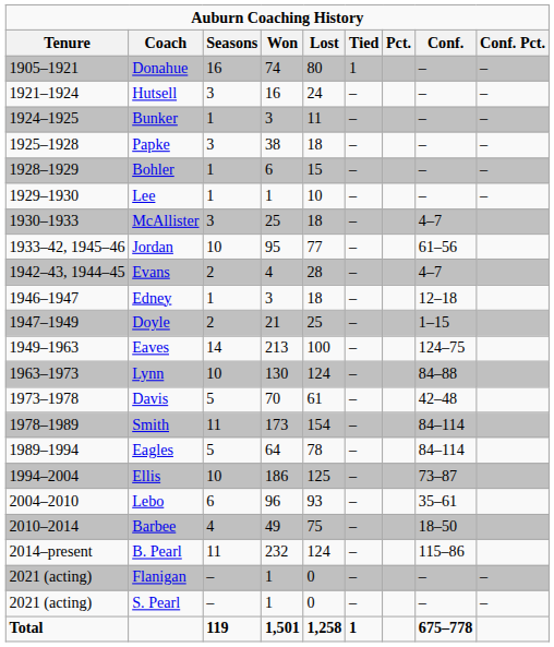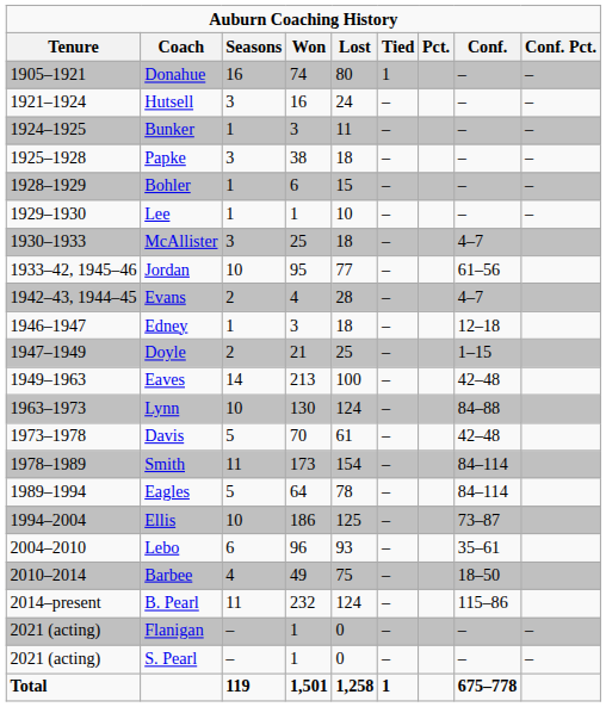 <table class="wikitable" align="right" style="font-size: 85%; clear: right; margin: 0 0 1em 1em;">
 <tr>
 <td colspan="9" align="center" style="font-size: 100%; "><strong>Auburn Coaching History</strong></td>
 </tr>
 <tr>
 <th>Tenure</th>
 <th>Coach</th>
 <th>Seasons</th>
 <th>Won</th>
 <th>Lost</th>
 <th>Tied</th>
 <th>Pct.</th>
 <th>Conf.</th>
 <th>Conf. Pct.</th>
 </tr>
 <tr bgcolor=silver>
 <td>1905–1921</td>
 <td><a href='#'>Donahue</a></td>
 <td>16</td>
 <td>74</td>
 <td>80</td>
 <td>1</td>
 <td></td>
 <td>–</td>
 <td>–</td>
 </tr>
 <tr>
 <td>1921–1924</td>
 <td><a href='#'>Hutsell</a></td>
 <td>3</td>
 <td>16</td>
 <td>24</td>
 <td>–</td>
 <td></td>
 <td>–</td>
 <td>–</td>
 </tr>
 <tr bgcolor=silver>
 <td>1924–1925</td>
 <td><a href='#'>Bunker</a></td>
 <td>1</td>
 <td>3</td>
 <td>11</td>
 <td>–</td>
 <td></td>
 <td>–</td>
 <td>–</td>
 </tr>
 <tr>
 <td>1925–1928</td>
 <td><a href='#'>Papke</a></td>
 <td>3</td>
 <td>38</td>
 <td>18</td>
 <td>–</td>
 <td></td>
 <td>–</td>
 <td>–</td>
 </tr>
 <tr bgcolor=silver>
 <td>1928–1929</td>
 <td><a href='#'>Bohler</a></td>
 <td>1</td>
 <td>6</td>
 <td>15</td>
 <td>–</td>
 <td></td>
 <td>–</td>
 <td>–</td>
 </tr>
 <tr>
 <td>1929–1930</td>
 <td><a href='#'>Lee</a></td>
 <td>1</td>
 <td>1</td>
 <td>10</td>
 <td>–</td>
 <td></td>
 <td>–</td>
 <td>–</td>
 </tr>
 <tr bgcolor=silver>
 <td>1930–1933</td>
 <td><a href='#'>McAllister</a></td>
 <td>3</td>
 <td>25</td>
 <td>18</td>
 <td>–</td>
 <td></td>
 <td>4–7</td>
 <td></td>
 </tr>
 <tr>
 <td>1933–42, 1945–46</td>
 <td><a href='#'>Jordan</a></td>
 <td>10</td>
 <td>95</td>
 <td>77</td>
 <td>–</td>
 <td></td>
 <td>61–56</td>
 <td></td>
 </tr>
 <tr bgcolor=silver>
 <td>1942–43, 1944–45</td>
 <td><a href='#'>Evans</a></td>
 <td>2</td>
 <td>4</td>
 <td>28</td>
 <td>–</td>
 <td></td>
 <td>4–7</td>
 <td></td>
 </tr>
 <tr>
 <td>1946–1947</td>
 <td><a href='#'>Edney</a></td>
 <td>1</td>
 <td>3</td>
 <td>18</td>
 <td>–</td>
 <td></td>
 <td>12–18</td>
 <td></td>
 </tr>
 <tr bgcolor=silver>
 <td>1947–1949</td>
 <td><a href='#'>Doyle</a></td>
 <td>2</td>
 <td>21</td>
 <td>25</td>
 <td>–</td>
 <td></td>
 <td>1–15</td>
 <td></td>
 </tr>
 <tr>
 <td>1949–1963</td>
 <td><a href='#'>Eaves</a></td>
 <td>14</td>
 <td>213</td>
 <td>100</td>
 <td>–</td>
 <td></td>
-<td>124–75</td>
+<td>42–48</td>
 <td></td>
 </tr>
 <tr bgcolor=silver>
 <td>1963–1973</td>
 <td><a href='#'>Lynn</a></td>
 <td>10</td>
 <td>130</td>
 <td>124</td>
 <td>–</td>
 <td></td>
 <td>84–88</td>
 <td></td>
 </tr>
 <tr>
 <td>1973–1978</td>
 <td><a href='#'>Davis</a></td>
 <td>5</td>
 <td>70</td>
 <td>61</td>
 <td>–</td>
 <td></td>
 <td>42–48</td>
 <td></td>
 </tr>
 <tr bgcolor=silver>
 <td>1978–1989</td>
 <td><a href='#'>Smith</a></td>
 <td>11</td>
 <td>173</td>
 <td>154</td>
 <td>–</td>
 <td></td>
 <td>84–114</td>
 <td></td>
 </tr>
 <tr>
 <td>1989–1994</td>
 <td><a href='#'>Eagles</a></td>
 <td>5</td>
 <td>64</td>
 <td>78</td>
 <td>–</td>
 <td></td>
 <td>84–114</td>
 <td></td>
 </tr>
 <tr bgcolor=silver>
 <td>1994–2004</td>
 <td><a href='#'>Ellis</a></td>
 <td>10</td>
 <td>186</td>
 <td>125</td>
 <td>–</td>
 <td></td>
 <td>73–87</td>
 <td></td>
 </tr>
 <tr>
 <td>2004–2010</td>
 <td><a href='#'>Lebo</a></td>
 <td>6</td>
 <td>96</td>
 <td>93</td>
 <td>–</td>
 <td></td>
 <td>35–61</td>
 <td></td>
 </tr>
 <tr bgcolor=silver>
 <td>2010–2014</td>
 <td><a href='#'>Barbee</a></td>
 <td>4</td>
 <td>49</td>
 <td>75</td>
 <td>–</td>
 <td></td>
 <td>18–50</td>
 <td></td>
 </tr>
 <tr>
 <td>2014–present</td>
 <td><a href='#'>B. Pearl</a></td>
 <td>11</td>
 <td>232</td>
 <td>124</td>
 <td>–</td>
 <td></td>
 <td>115–86</td>
 <td></td>
 </tr>
 <tr bgcolor=silver>
 <td>2021 (acting)</td>
 <td><a href='#'>Flanigan</a></td>
 <td>–</td>
 <td>1</td>
 <td>0</td>
 <td>–</td>
 <td></td>
 <td>–</td>
 <td>–</td>
 </tr>
 <tr>
 <td>2021 (acting)</td>
 <td><a href='#'>S. Pearl</a></td>
 <td>–</td>
 <td>1</td>
 <td>0</td>
 <td>–</td>
 <td></td>
 <td>–</td>
 <td>–</td>
 </tr>
 <tr>
 <td><strong>Total</strong></td>
 <td></td>
 <td><strong>119</strong></td>
 <td><strong>1,501</strong></td>
 <td><strong>1,258</strong></td>
 <td><strong>1</strong></td>
 <td><strong></strong></td>
 <td><strong>675–778</strong></td>
 <td><strong></strong></td>
 </tr>
 </table>
